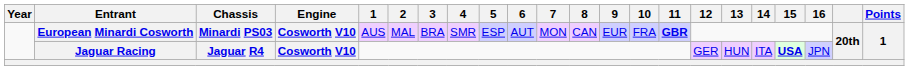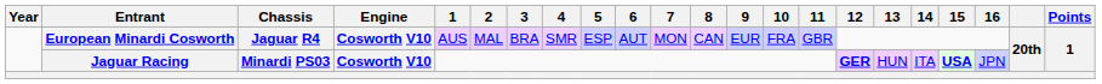 <table class="wikitable" style="text-align:center; font-size:85%">
 <tr>
 <th scope=col>Year</th>
 <th scope=col>Entrant</th>
 <th scope=col>Chassis</th>
 <th scope=col>Engine</th>
 <th scope=col>1</th>
 <th scope=col>2</th>
 <th scope=col>3</th>
 <th scope=col>4</th>
 <th scope=col>5</th>
 <th scope=col>6</th>
 <th scope=col>7</th>
 <th scope=col>8</th>
 <th scope=col>9</th>
 <th scope=col>10</th>
 <th scope=col>11</th>
 <th scope=col>12</th>
 <th scope=col>13</th>
 <th scope=col>14</th>
 <th scope=col>15</th>
 <th scope=col>16</th>
 <th scope=col></th>
 <th><a href='#'>Points</a></th>
 </tr>
 <tr>
 <td rowspan=2></td>
 <th nowrap><a href='#'>European</a> <a href='#'>Minardi Cosworth</a></th>
-<th nowrap><a href='#'>Minardi</a> <a href='#'>PS03</a></th>
+<th nowrap><a href='#'>Jaguar</a> <a href='#'>R4</a></th>
 <th nowrap><a href='#'>Cosworth</a> <a href='#'>V10</a></th>
 <td style="background:#efcfff;"><a href='#'>AUS</a><br></td>
 <td style="background:#efcfff;"><a href='#'>MAL</a><br></td>
 <td style="background:#efcfff;"><a href='#'>BRA</a><br></td>
 <td style="background:#efcfff;"><a href='#'>SMR</a><br></td>
 <td style="background:#cfcfff;"><a href='#'>ESP</a><br></td>
 <td style="background:#cfcfff;"><a href='#'>AUT</a><br></td>
 <td style="background:#efcfff;"><a href='#'>MON</a><br></td>
 <td style="background:#efcfff;"><a href='#'>CAN</a><br></td>
 <td style="background:#cfcfff;"><a href='#'>EUR</a><br></td>
 <td style="background:#cfcfff;"><a href='#'>FRA</a><br></td>
-<td style="background:#cfcfff;"><strong><a href='#'>GBR</a><br></strong></td>
+<td style="background:#cfcfff;"><a href='#'>GBR</a><br></td>
 <td colspan=5></td>
 <th rowspan=2>20th</th>
 <th rowspan=2>1</th>
 </tr>
 <tr>
 <th nowrap><a href='#'>Jaguar Racing</a></th>
-<th nowrap><a href='#'>Jaguar</a> <a href='#'>R4</a></th>
+<th nowrap><a href='#'>Minardi</a> <a href='#'>PS03</a></th>
 <th nowrap><a href='#'>Cosworth</a> <a href='#'>V10</a></th>
 <td colspan=11></td>
-<td style="background:#efcfff;"><a href='#'>GER</a><br></td>
+<td style="background:#efcfff;"><strong><a href='#'>GER</a><br></strong></td>
 <td style="background:#efcfff;"><a href='#'>HUN</a><br></td>
 <td style="background:#efcfff;"><a href='#'>ITA</a><br></td>
 <td style="background:#dfffdf;"><strong><a href='#'>USA</a><br></strong></td>
 <td style="background:#cfcfff;"><a href='#'>JPN</a><br></td>
 </tr>
 <tr>
 <th colspan="22"></th>
 </tr>
 </table>
